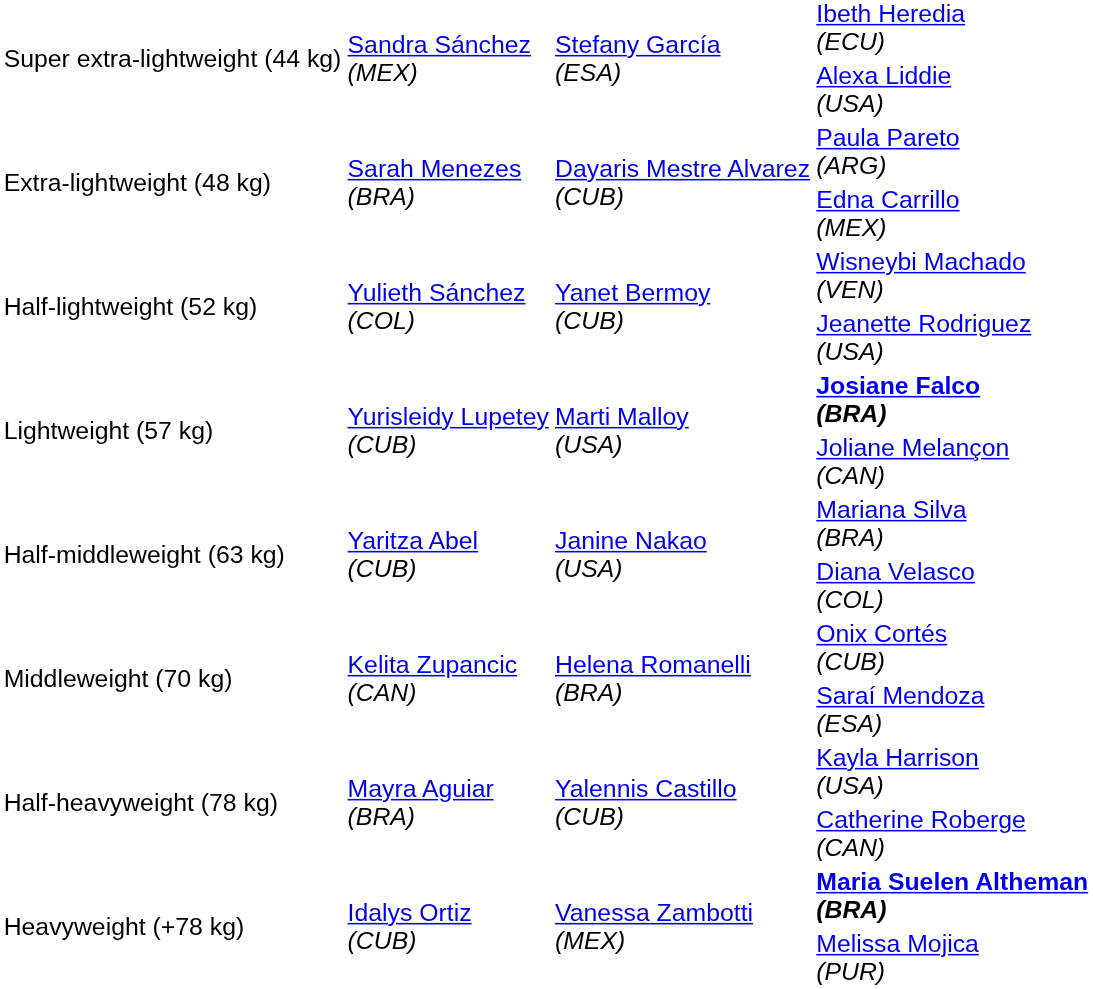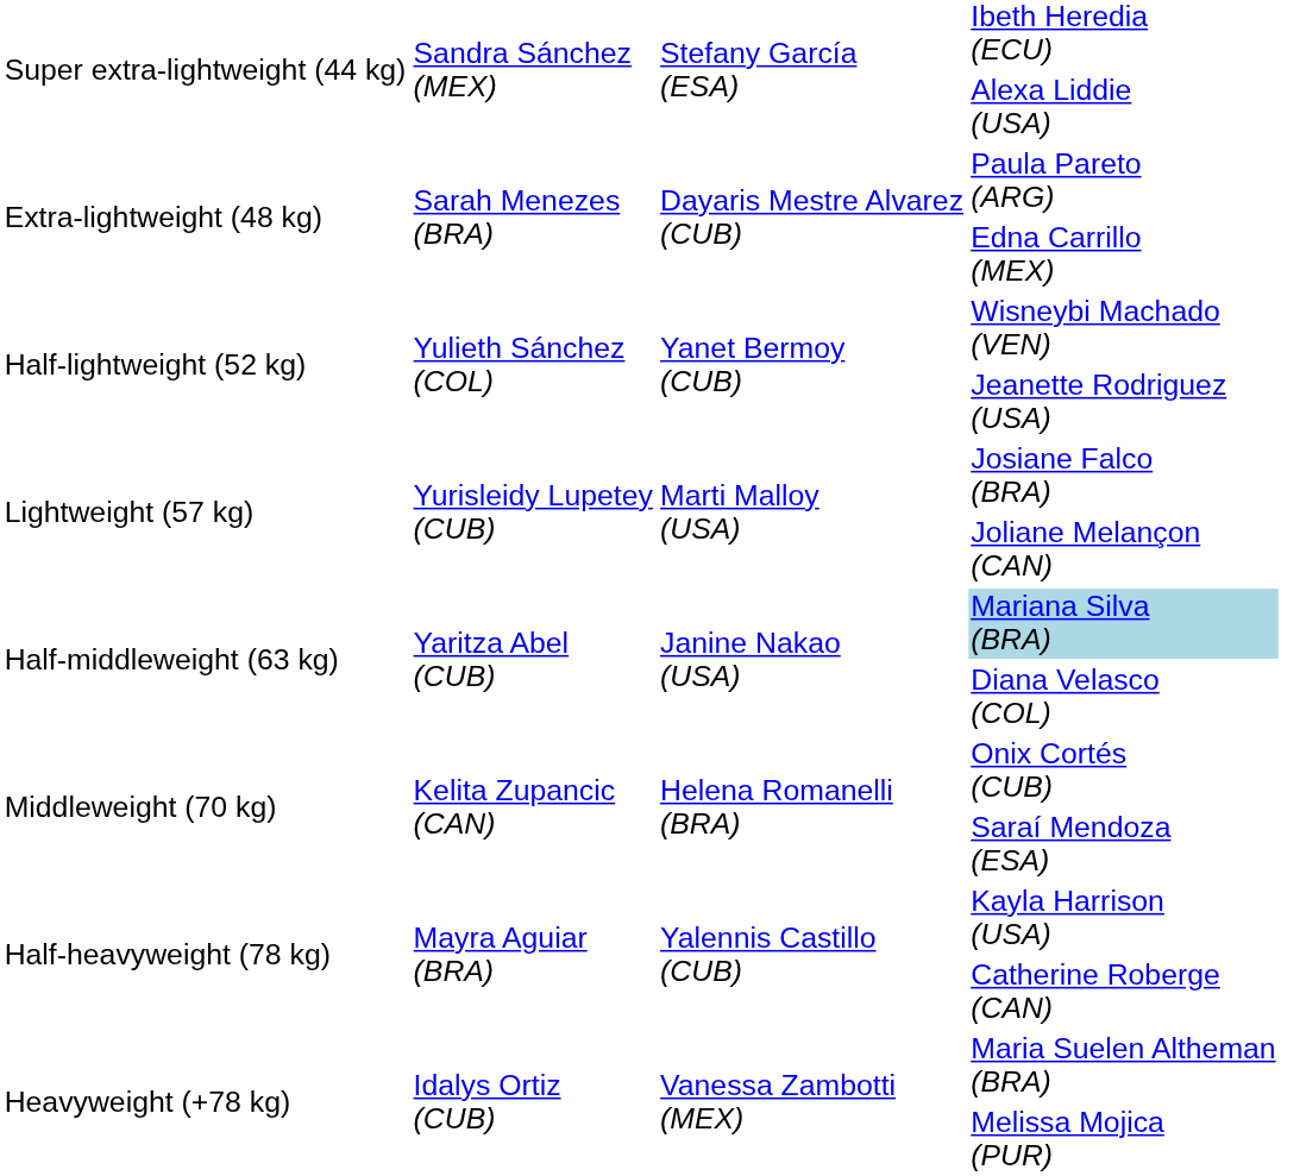 <table>
 <tr>
 <td rowspan=2>Super extra-lightweight (44 kg)</td>
 <td rowspan=2><a href='#'>Sandra Sánchez</a><br> <em> (MEX)</em></td>
 <td rowspan=2><a href='#'>Stefany García</a> <br> <em> (ESA)</em></td>
 <td><a href='#'>Ibeth Heredia</a> <br> <em> (ECU)</em></td>
 </tr>
 <tr>
 <td><a href='#'>Alexa Liddie</a> <br> <em> (USA)</em></td>
 </tr>
 <tr>
 <td rowspan=2>Extra-lightweight (48 kg)</td>
 <td rowspan=2><a href='#'>Sarah Menezes</a><br> <em> (BRA)</em></td>
 <td rowspan=2><a href='#'>Dayaris Mestre Alvarez</a> <br> <em> (CUB)</em></td>
 <td><a href='#'>Paula Pareto</a> <br> <em> (ARG)</em></td>
 </tr>
 <tr>
 <td><a href='#'>Edna Carrillo</a> <br> <em> (MEX)</em></td>
 </tr>
 <tr>
 <td rowspan=2>Half-lightweight (52 kg)</td>
 <td rowspan=2><a href='#'>Yulieth Sánchez</a><br> <em> (COL)</em></td>
 <td rowspan=2><a href='#'>Yanet Bermoy</a> <br> <em> (CUB)</em></td>
 <td><a href='#'>Wisneybi Machado</a> <br> <em> (VEN)</em></td>
 </tr>
 <tr>
 <td><a href='#'>Jeanette Rodriguez</a> <br> <em> (USA)</em></td>
 </tr>
 <tr>
 <td rowspan=2>Lightweight (57 kg)</td>
 <td rowspan=2><a href='#'>Yurisleidy Lupetey</a><br> <em> (CUB)</em></td>
 <td rowspan=2><a href='#'>Marti Malloy</a> <br> <em> (USA)</em></td>
-<td><strong><a href='#'>Josiane Falco</a> <br> <em> (BRA)</em></strong></td>
+<td><a href='#'>Josiane Falco</a> <br> <em> (BRA)</em></td>
 </tr>
 <tr>
 <td><a href='#'>Joliane Melançon</a> <br> <em> (CAN)</em></td>
 </tr>
 <tr>
 <td rowspan=2>Half-middleweight (63 kg)</td>
 <td rowspan=2><a href='#'>Yaritza Abel</a><br> <em> (CUB)</em></td>
 <td rowspan=2><a href='#'>Janine Nakao</a> <br> <em> (USA)</em></td>
-<td><a href='#'>Mariana Silva</a> <br> <em> (BRA)</em></td>
+<td style="background: lightblue;"><a href='#'>Mariana Silva</a> <br> <em> (BRA)</em></td>
 </tr>
 <tr>
 <td><a href='#'>Diana Velasco</a> <br> <em> (COL)</em></td>
 </tr>
 <tr>
 <td rowspan=2>Middleweight (70 kg)</td>
 <td rowspan=2><a href='#'>Kelita Zupancic</a><br> <em> (CAN)</em></td>
 <td rowspan=2><a href='#'>Helena Romanelli</a> <br> <em> (BRA)</em></td>
 <td><a href='#'>Onix Cortés</a> <br> <em> (CUB)</em></td>
 </tr>
 <tr>
 <td><a href='#'>Saraí Mendoza</a> <br> <em> (ESA)</em></td>
 </tr>
 <tr>
 <td rowspan=2>Half-heavyweight (78 kg)</td>
 <td rowspan=2><a href='#'>Mayra Aguiar</a><br> <em> (BRA)</em></td>
 <td rowspan=2><a href='#'>Yalennis Castillo</a> <br> <em> (CUB)</em></td>
 <td><a href='#'>Kayla Harrison</a> <br> <em> (USA)</em></td>
 </tr>
 <tr>
 <td><a href='#'>Catherine Roberge</a> <br> <em> (CAN)</em></td>
 </tr>
 <tr>
 <td rowspan=2>Heavyweight (+78 kg)</td>
 <td rowspan=2><a href='#'>Idalys Ortiz</a><br> <em> (CUB)</em></td>
 <td rowspan=2><a href='#'>Vanessa Zambotti</a> <br> <em> (MEX)</em></td>
-<td><strong><a href='#'>Maria Suelen Altheman</a> <br> <em> (BRA)</em></strong></td>
+<td><a href='#'>Maria Suelen Altheman</a> <br> <em> (BRA)</em></td>
 </tr>
 <tr>
 <td><a href='#'>Melissa Mojica</a> <br> <em> (PUR)</em></td>
 </tr>
 </table>
